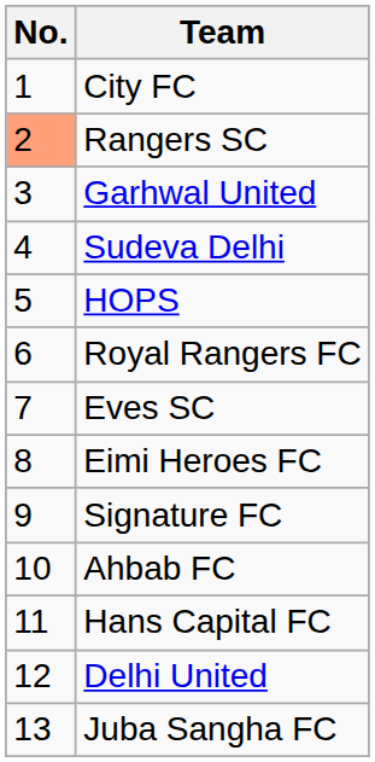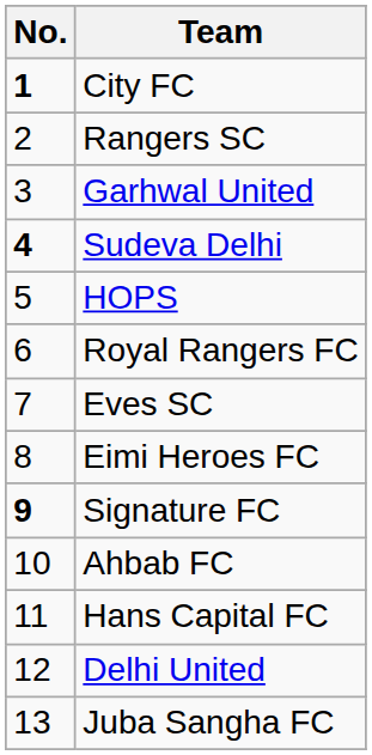 <table class="wikitable">
 <tr>
 <th>No.</th>
 <th>Team</th>
 </tr>
 <tr>
-<td>1</td>
+<td><strong>1</strong></td>
 <td>City FC</td>
 </tr>
 <tr>
-<td style="background: lightsalmon;">2</td>
+<td>2</td>
 <td>Rangers SC</td>
 </tr>
 <tr>
 <td>3</td>
 <td><a href='#'>Garhwal United</a></td>
 </tr>
 <tr>
-<td>4</td>
+<td><strong>4</strong></td>
 <td><a href='#'>Sudeva Delhi</a></td>
 </tr>
 <tr>
 <td>5</td>
 <td><a href='#'>HOPS</a></td>
 </tr>
 <tr>
 <td>6</td>
 <td>Royal Rangers FC</td>
 </tr>
 <tr>
 <td>7</td>
 <td>Eves SC</td>
 </tr>
 <tr>
 <td>8</td>
 <td>Eimi Heroes FC</td>
 </tr>
 <tr>
-<td>9</td>
+<td><strong>9</strong></td>
 <td>Signature FC</td>
 </tr>
 <tr>
 <td>10</td>
 <td>Ahbab FC</td>
 </tr>
 <tr>
 <td>11</td>
 <td>Hans Capital FC</td>
 </tr>
 <tr>
 <td>12</td>
 <td><a href='#'>Delhi United</a></td>
 </tr>
 <tr>
 <td>13</td>
 <td>Juba Sangha FC</td>
 </tr>
 </table>
